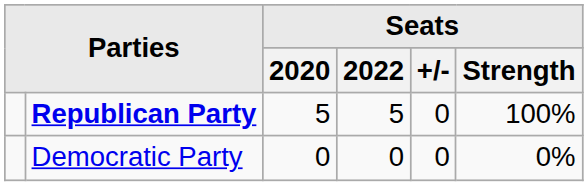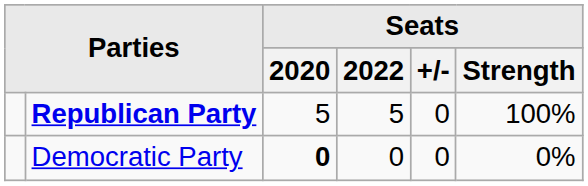 <table class=wikitable>
 <tr>
 <th style="background-color:#E9E9E9" align=center rowspan=2 colspan=2>Parties</th>
 <th style="background-color:#E9E9E9" align=center colspan=5>Seats</th>
 </tr>
 <tr bgcolor=#E9E9E9>
 <th>2020</th>
 <th>2022</th>
 <th>+/-</th>
 <th>Strength</th>
 </tr>
 <tr>
 <td style="background-color:"> </td>
 <td><strong><a href='#'>Republican Party</a></strong></td>
 <td align=right>5</td>
 <td align=right>5</td>
 <td align=right>0</td>
 <td align=right>100%</td>
 </tr>
 <tr>
 <td style="background-color:"> </td>
 <td><a href='#'>Democratic Party</a></td>
-<td align=right>0</td>
+<td align=right><strong>0</strong></td>
 <td align=right>0</td>
 <td align=right>0</td>
 <td align=right>0%</td>
 </tr>
 </table>
